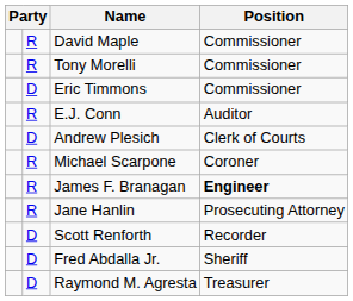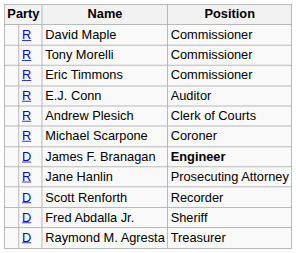 <table class=wikitable>
 <tr>
 <th colspan="2" style="text-align:center; vertical-align:bottom;">Party</th>
 <th style="text-align:center;">Name</th>
 <th valign=bottom>Position</th>
 </tr>
 <tr>
 <td style="background-color:"> </td>
 <td><a href='#'>R</a></td>
 <td>David Maple</td>
 <td>Commissioner</td>
 </tr>
 <tr>
 <td style="background-color:"> </td>
 <td><a href='#'>R</a></td>
 <td>Tony Morelli</td>
 <td>Commissioner</td>
 </tr>
 <tr>
 <td style="background-color:"> </td>
-<td><a href='#'>D</a></td>
+<td><a href='#'>R</a></td>
 <td>Eric Timmons</td>
 <td>Commissioner</td>
 </tr>
 <tr>
 <td style="background-color:"> </td>
 <td><a href='#'>R</a></td>
 <td>E.J. Conn</td>
 <td>Auditor</td>
 </tr>
 <tr>
 <td style="background-color:"> </td>
-<td><a href='#'>D</a></td>
+<td><a href='#'>R</a></td>
 <td>Andrew Plesich</td>
 <td>Clerk of Courts</td>
 </tr>
 <tr>
 <td style="background-color:"> </td>
 <td><a href='#'>R</a></td>
 <td>Michael Scarpone</td>
 <td>Coroner</td>
 </tr>
 <tr>
 <td style="background-color:"> </td>
-<td><a href='#'>R</a></td>
+<td><a href='#'>D</a></td>
 <td>James F. Branagan</td>
 <td><strong>Engineer</strong></td>
 </tr>
 <tr>
 <td style="background-color:"> </td>
 <td><a href='#'>R</a></td>
 <td>Jane Hanlin</td>
 <td>Prosecuting Attorney</td>
 </tr>
 <tr>
 <td style="background-color:"> </td>
 <td><a href='#'>D</a></td>
 <td>Scott Renforth</td>
 <td>Recorder</td>
 </tr>
 <tr>
 <td style="background-color:"> </td>
 <td><a href='#'>D</a></td>
 <td>Fred Abdalla Jr.</td>
 <td>Sheriff</td>
 </tr>
 <tr>
 <td style="background-color:"> </td>
 <td><a href='#'>D</a></td>
 <td>Raymond M. Agresta</td>
 <td>Treasurer</td>
 </tr>
 </table>
